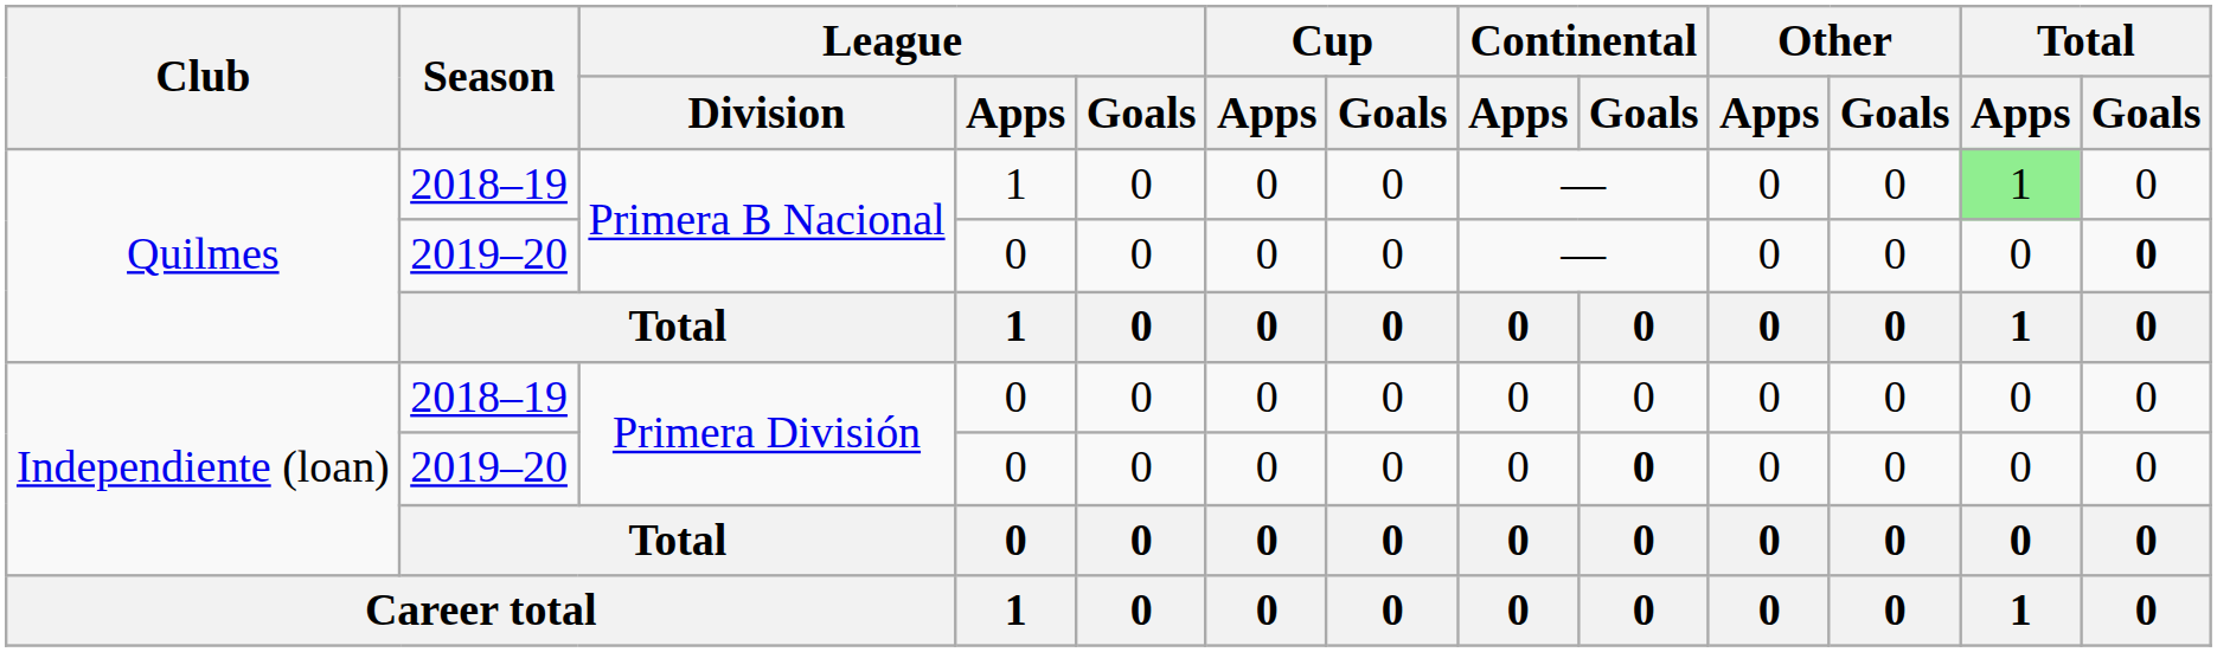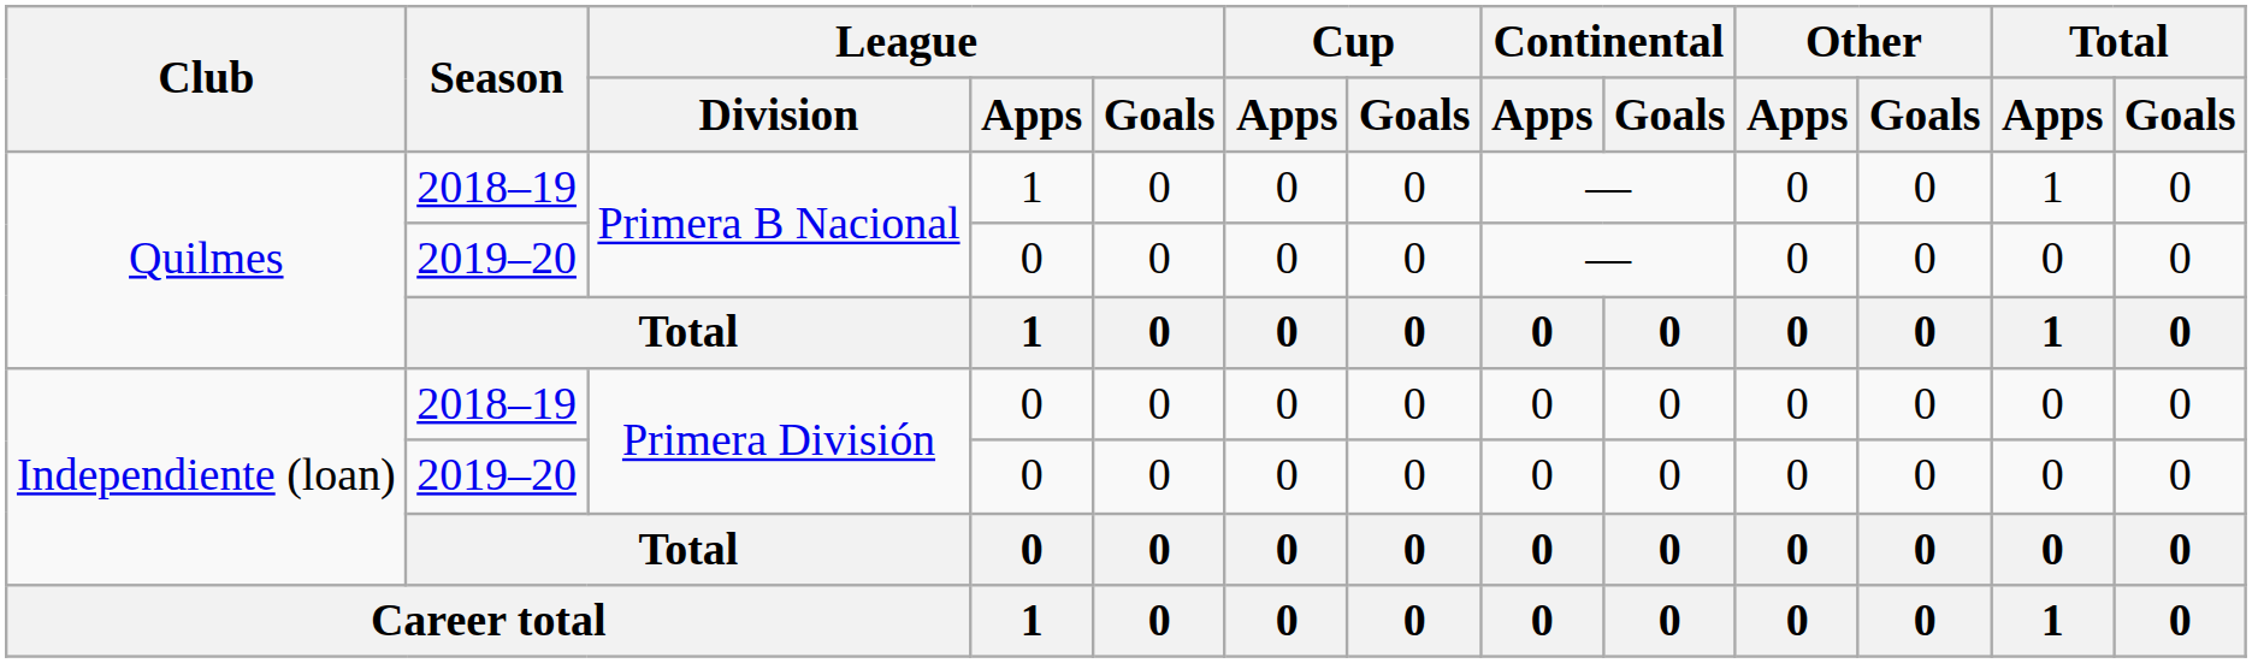 <table class="wikitable" style="text-align:center">
 <tr>
 <th rowspan="2">Club</th>
 <th rowspan="2">Season</th>
 <th colspan="3">League</th>
 <th colspan="2">Cup</th>
 <th colspan="2">Continental</th>
 <th colspan="2">Other</th>
 <th colspan="2">Total</th>
 </tr>
 <tr>
 <th>Division</th>
 <th>Apps</th>
 <th>Goals</th>
 <th>Apps</th>
 <th>Goals</th>
 <th>Apps</th>
 <th>Goals</th>
 <th>Apps</th>
 <th>Goals</th>
 <th>Apps</th>
 <th>Goals</th>
 </tr>
 <tr>
 <td rowspan="3"><a href='#'>Quilmes</a></td>
 <td><a href='#'>2018–19</a></td>
 <td rowspan="2"><a href='#'>Primera B Nacional</a></td>
 <td>1</td>
 <td>0</td>
 <td>0</td>
 <td>0</td>
 <td colspan="2">—</td>
 <td>0</td>
 <td>0</td>
-<td style="background: lightgreen;">1</td>
+<td>1</td>
 <td>0</td>
 </tr>
 <tr>
 <td><a href='#'>2019–20</a></td>
 <td>0</td>
 <td>0</td>
 <td>0</td>
 <td>0</td>
 <td colspan="2">—</td>
 <td>0</td>
 <td>0</td>
 <td>0</td>
-<td><strong>0</strong></td>
+<td>0</td>
 </tr>
 <tr>
 <th colspan="2">Total</th>
 <th>1</th>
 <th>0</th>
 <th>0</th>
 <th>0</th>
 <th>0</th>
 <th>0</th>
 <th>0</th>
 <th>0</th>
 <th>1</th>
 <th>0</th>
 </tr>
 <tr>
 <td rowspan="3"><a href='#'>Independiente</a> (loan)</td>
 <td><a href='#'>2018–19</a></td>
 <td rowspan="2"><a href='#'>Primera División</a></td>
 <td>0</td>
 <td>0</td>
 <td>0</td>
 <td>0</td>
 <td>0</td>
 <td>0</td>
 <td>0</td>
 <td>0</td>
 <td>0</td>
 <td>0</td>
 </tr>
 <tr>
 <td><a href='#'>2019–20</a></td>
 <td>0</td>
 <td>0</td>
 <td>0</td>
 <td>0</td>
 <td>0</td>
-<td><strong>0</strong></td>
+<td>0</td>
 <td>0</td>
 <td>0</td>
 <td>0</td>
 <td>0</td>
 </tr>
 <tr>
 <th colspan="2">Total</th>
 <th>0</th>
 <th>0</th>
 <th>0</th>
 <th>0</th>
 <th>0</th>
 <th>0</th>
 <th>0</th>
 <th>0</th>
 <th>0</th>
 <th>0</th>
 </tr>
 <tr>
 <th colspan="3">Career total</th>
 <th>1</th>
 <th>0</th>
 <th>0</th>
 <th>0</th>
 <th>0</th>
 <th>0</th>
 <th>0</th>
 <th>0</th>
 <th>1</th>
 <th>0</th>
 </tr>
 </table>
